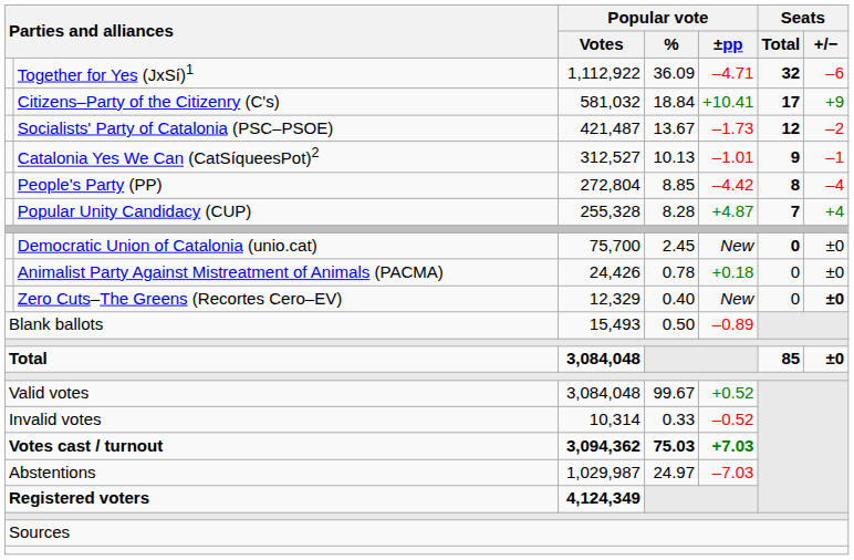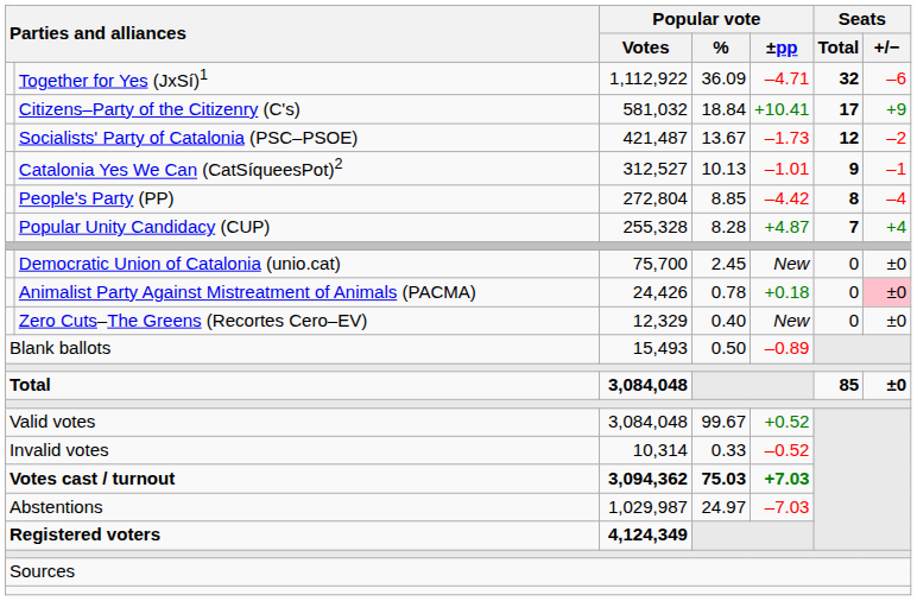 <table class="wikitable" style="text-align:right;">
 <tr>
 <th style="text-align:left;" rowspan="2" colspan="2" width="525">Parties and alliances</th>
 <th colspan="3">Popular vote</th>
 <th colspan="2">Seats</th>
 </tr>
 <tr>
 <th width="75">Votes</th>
 <th width="45">%</th>
 <th width="45">±<a href='#'>pp</a></th>
 <th width="35">Total</th>
 <th width="35">+/−</th>
 </tr>
 <tr>
 <td width="1" style="color:inherit;background:"></td>
 <td align="left"><a href='#'>Together for Yes</a> (JxSí)<sup>1</sup></td>
 <td>1,112,922</td>
 <td>36.09</td>
 <td style="color:red;">–4.71</td>
 <td><strong>32</strong></td>
 <td style="color:red;">–6</td>
 </tr>
 <tr>
 <td style="color:inherit;background:"></td>
 <td align="left"><a href='#'>Citizens–Party of the Citizenry</a> (C's)</td>
 <td>581,032</td>
 <td>18.84</td>
 <td style="color:green;">+10.41</td>
 <td><strong>17</strong></td>
 <td style="color:green;">+9</td>
 </tr>
 <tr>
 <td style="color:inherit;background:"></td>
 <td align="left"><a href='#'>Socialists' Party of Catalonia</a> (PSC–PSOE)</td>
 <td>421,487</td>
 <td>13.67</td>
 <td style="color:red;">–1.73</td>
 <td><strong>12</strong></td>
 <td style="color:red;">–2</td>
 </tr>
 <tr>
 <td style="color:inherit;background:"></td>
 <td align="left"><a href='#'>Catalonia Yes We Can</a> (CatSíqueesPot)<sup>2</sup></td>
 <td>312,527</td>
 <td>10.13</td>
 <td style="color:red;">–1.01</td>
 <td><strong>9</strong></td>
 <td style="color:red;">–1</td>
 </tr>
 <tr>
 <td style="color:inherit;background:"></td>
 <td align="left"><a href='#'>People's Party</a> (PP)</td>
 <td>272,804</td>
 <td>8.85</td>
 <td style="color:red;">–4.42</td>
 <td><strong>8</strong></td>
 <td style="color:red;">–4</td>
 </tr>
 <tr>
 <td style="color:inherit;background:"></td>
 <td align="left"><a href='#'>Popular Unity Candidacy</a> (CUP)</td>
 <td>255,328</td>
 <td>8.28</td>
 <td style="color:green;">+4.87</td>
 <td><strong>7</strong></td>
 <td style="color:green;">+4</td>
 </tr>
 <tr>
 <td colspan="7" bgcolor="#C0C0C0"></td>
 </tr>
 <tr>
 <td style="color:inherit;background:"></td>
 <td align="left"><a href='#'>Democratic Union of Catalonia</a> (unio.cat)</td>
 <td>75,700</td>
 <td>2.45</td>
 <td><em>New</em></td>
-<td><strong>0</strong></td>
+<td>0</td>
 <td>±0</td>
 </tr>
 <tr>
 <td style="color:inherit;background:"></td>
 <td align="left"><a href='#'>Animalist Party Against Mistreatment of Animals</a> (PACMA)</td>
 <td>24,426</td>
 <td>0.78</td>
 <td style="color:green;">+0.18</td>
 <td>0</td>
-<td>±0</td>
+<td style="background: pink;">±0</td>
 </tr>
 <tr>
 <td style="color:inherit;background:"></td>
 <td align="left"><a href='#'>Zero Cuts</a>–<a href='#'>The Greens</a> (Recortes Cero–EV)</td>
 <td>12,329</td>
 <td>0.40</td>
 <td><em>New</em></td>
 <td>0</td>
-<td><strong>±0</strong></td>
+<td>±0</td>
 </tr>
 <tr>
 <td align="left" colspan="2">Blank ballots</td>
 <td>15,493</td>
 <td>0.50</td>
 <td style="color:red;">–0.89</td>
 <td bgcolor="#E9E9E9" colspan="2"></td>
 </tr>
 <tr>
 <td colspan="7" bgcolor="#E9E9E9"></td>
 </tr>
 <tr style="font-weight:bold;">
 <td align="left" colspan="2">Total</td>
 <td>3,084,048</td>
 <td bgcolor="#E9E9E9" colspan="2"></td>
 <td>85</td>
 <td>±0</td>
 </tr>
 <tr>
 <td colspan="7" bgcolor="#E9E9E9"></td>
 </tr>
 <tr>
 <td align="left" colspan="2">Valid votes</td>
 <td>3,084,048</td>
 <td>99.67</td>
 <td style="color:green;">+0.52</td>
 <td bgcolor="#E9E9E9" colspan="2" rowspan="5"></td>
 </tr>
 <tr>
 <td align="left" colspan="2">Invalid votes</td>
 <td>10,314</td>
 <td>0.33</td>
 <td style="color:red;">–0.52</td>
 </tr>
 <tr style="font-weight:bold;">
 <td align="left" colspan="2">Votes cast / turnout</td>
 <td>3,094,362</td>
 <td>75.03</td>
 <td style="color:green;">+7.03</td>
 </tr>
 <tr>
 <td align="left" colspan="2">Abstentions</td>
 <td>1,029,987</td>
 <td>24.97</td>
 <td style="color:red;">–7.03</td>
 </tr>
 <tr style="font-weight:bold;">
 <td align="left" colspan="2">Registered voters</td>
 <td>4,124,349</td>
 <td bgcolor="#E9E9E9" colspan="2"></td>
 </tr>
 <tr>
 <td colspan="7" bgcolor="#E9E9E9"></td>
 </tr>
 <tr>
 <td align="left" colspan="7">Sources</td>
 </tr>
 <tr>
 <td colspan="7" style="text-align:left; max-width:790px;"></td>
 </tr>
 </table>
